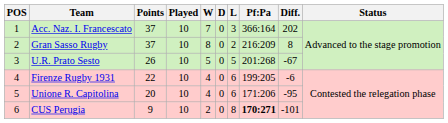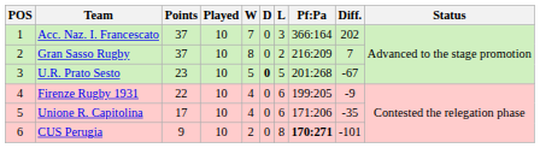 <table class="wikitable" style="float:left; margin-right:15px; text-align: center;">
 <tr>
 <th>POS</th>
 <th>Team</th>
 <th>Points</th>
 <th>Played</th>
 <th>W</th>
 <th>D</th>
 <th>L</th>
 <th>Pf:Pa</th>
 <th>Diff.</th>
 <th>Status</th>
 </tr>
 <tr style="background:#D0F0C0">
 <td>1</td>
 <td align=left><a href='#'>Acc. Naz. I. Francescato</a></td>
 <td>37</td>
 <td>10</td>
 <td>7</td>
 <td>0</td>
 <td>3</td>
 <td>366:164</td>
 <td>202</td>
 <td rowspan=3>Advanced to the stage promotion</td>
 </tr>
 <tr style="background:#D0F0C0">
 <td>2</td>
 <td align=left><a href='#'>Gran Sasso Rugby</a></td>
 <td>37</td>
 <td>10</td>
 <td>8</td>
 <td>0</td>
 <td>2</td>
 <td>216:209</td>
-<td>8</td>
+<td>7</td>
 </tr>
 <tr style="background:#D0F0C0">
 <td>3</td>
 <td align=left><a href='#'>U.R. Prato Sesto</a></td>
-<td>26</td>
+<td>23</td>
 <td>10</td>
 <td>5</td>
-<td>0</td>
+<td><strong>0</strong></td>
 <td>5</td>
 <td>201:268</td>
 <td>-67</td>
 </tr>
 <tr style="background:#FFCCCC">
 <td>4</td>
 <td align=left><a href='#'>Firenze Rugby 1931</a></td>
 <td>22</td>
 <td>10</td>
 <td>4</td>
 <td>0</td>
 <td>6</td>
 <td>199:205</td>
-<td>-6</td>
+<td>-9</td>
 <td rowspan=3>Contested the relegation phase</td>
 </tr>
 <tr style="background:#FFCCCC">
 <td>5</td>
 <td align=left><a href='#'>Unione R. Capitolina</a></td>
-<td>20</td>
+<td>17</td>
 <td>10</td>
 <td>4</td>
 <td>0</td>
 <td>6</td>
 <td>171:206</td>
-<td>-95</td>
+<td>-35</td>
 </tr>
 <tr style="background:#FFCCCC">
 <td>6</td>
 <td align=left><a href='#'>CUS Perugia</a></td>
 <td>9</td>
 <td>10</td>
 <td>2</td>
 <td>0</td>
 <td>8</td>
 <td><strong>170:271</strong></td>
 <td>-101</td>
 </tr>
 </table>
